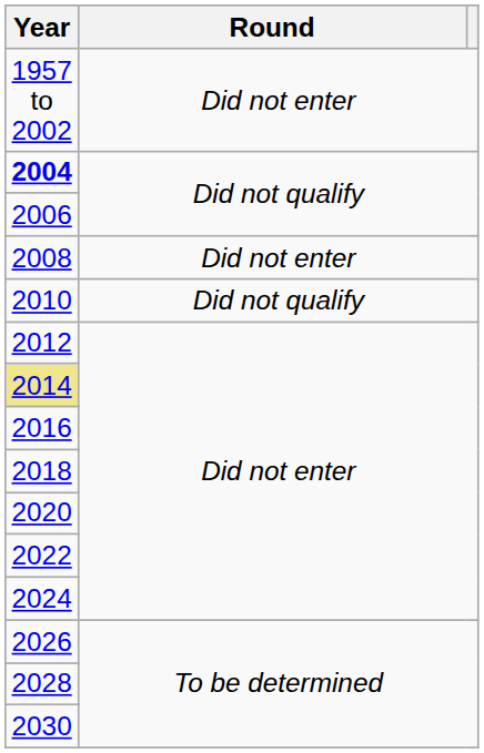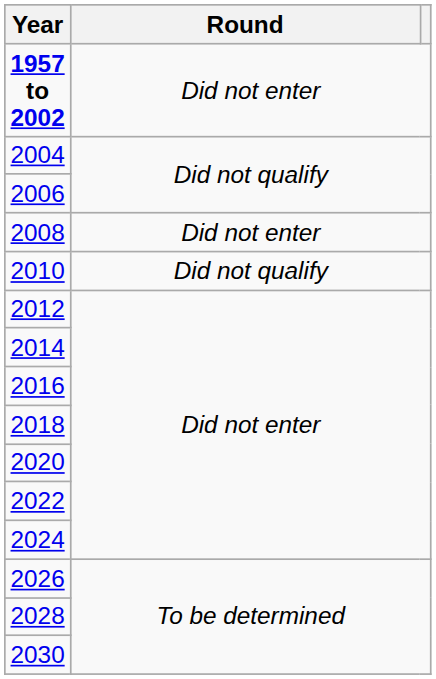 <table class="wikitable" style="text-align: center; font-size:90%">
 <tr>
 <th>Year</th>
 <th style="width:200px">Round</th>
 <th></th>
 </tr>
 <tr>
-<td><a href='#'>1957</a><br>to<br><a href='#'>2002</a></td>
+<td><strong><a href='#'>1957</a><br>to<br><a href='#'>2002</a></strong></td>
 <td colspan="2"><em>Did not enter</em></td>
 </tr>
 <tr>
-<td><strong><a href='#'>2004</a></strong></td>
+<td><a href='#'>2004</a></td>
 <td colspan="2" rowspan="2"><em>Did not qualify</em></td>
 </tr>
 <tr>
 <td><a href='#'>2006</a></td>
 </tr>
 <tr>
 <td><a href='#'>2008</a></td>
 <td colspan="2"><em>Did not enter</em></td>
 </tr>
 <tr>
 <td><a href='#'>2010</a></td>
 <td colspan="2"><em>Did not qualify</em></td>
 </tr>
 <tr>
 <td><a href='#'>2012</a></td>
 <td colspan="2" rowspan="7"><em>Did not enter</em></td>
 </tr>
 <tr>
-<td style="background: khaki;"><a href='#'>2014</a></td>
+<td><a href='#'>2014</a></td>
 </tr>
 <tr>
 <td><a href='#'>2016</a></td>
 </tr>
 <tr>
 <td><a href='#'>2018</a></td>
 </tr>
 <tr>
 <td><a href='#'>2020</a></td>
 </tr>
 <tr>
 <td><a href='#'>2022</a></td>
 </tr>
 <tr>
 <td><a href='#'>2024</a></td>
 </tr>
 <tr>
 <td><a href='#'>2026</a></td>
 <td colspan="2" rowspan="3"><em>To be determined</em></td>
 </tr>
 <tr>
 <td><a href='#'>2028</a></td>
 </tr>
 <tr>
 <td><a href='#'>2030</a></td>
 </tr>
 </table>
